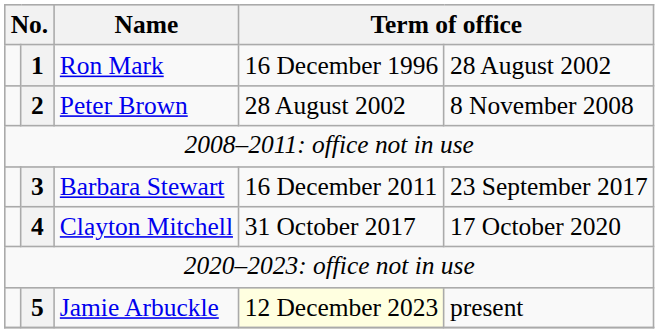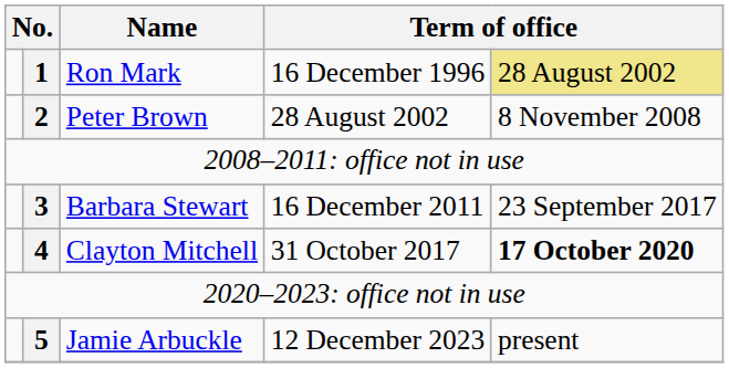 <table class="wikitable">
 <tr>
 <th colspan="2">No.</th>
 <th>Name</th>
 <th colspan="2">Term of office</th>
 </tr>
 <tr>
 <td bgcolor=></td>
 <th>1</th>
 <td><a href='#'>Ron Mark</a></td>
 <td>16 December 1996</td>
-<td>28 August 2002</td>
+<td style="background: khaki;">28 August 2002</td>
 </tr>
 <tr>
 <td bgcolor=></td>
 <th>2</th>
 <td><a href='#'>Peter Brown</a></td>
 <td>28 August 2002</td>
 <td>8 November 2008</td>
 </tr>
 <tr>
 <td colspan=5 align=center><em>2008–2011: office not in use</em></td>
 </tr>
 <tr>
 <td bgcolor=></td>
 <th>3</th>
 <td><a href='#'>Barbara Stewart</a></td>
 <td>16 December 2011</td>
 <td>23 September 2017</td>
 </tr>
 <tr>
 <td bgcolor=></td>
 <th>4</th>
 <td><a href='#'>Clayton Mitchell</a></td>
 <td>31 October 2017</td>
-<td>17 October 2020</td>
+<td><strong>17 October 2020</strong></td>
 </tr>
 <tr>
 <td colspan=5 align=center><em>2020–2023: office not in use</em></td>
 </tr>
 <tr>
 <td bgcolor=></td>
 <th>5</th>
 <td><a href='#'>Jamie Arbuckle</a></td>
-<td style="background: lightyellow;">12 December 2023</td>
+<td>12 December 2023</td>
 <td>present</td>
 </tr>
 <tr>
 </tr>
 </table>
